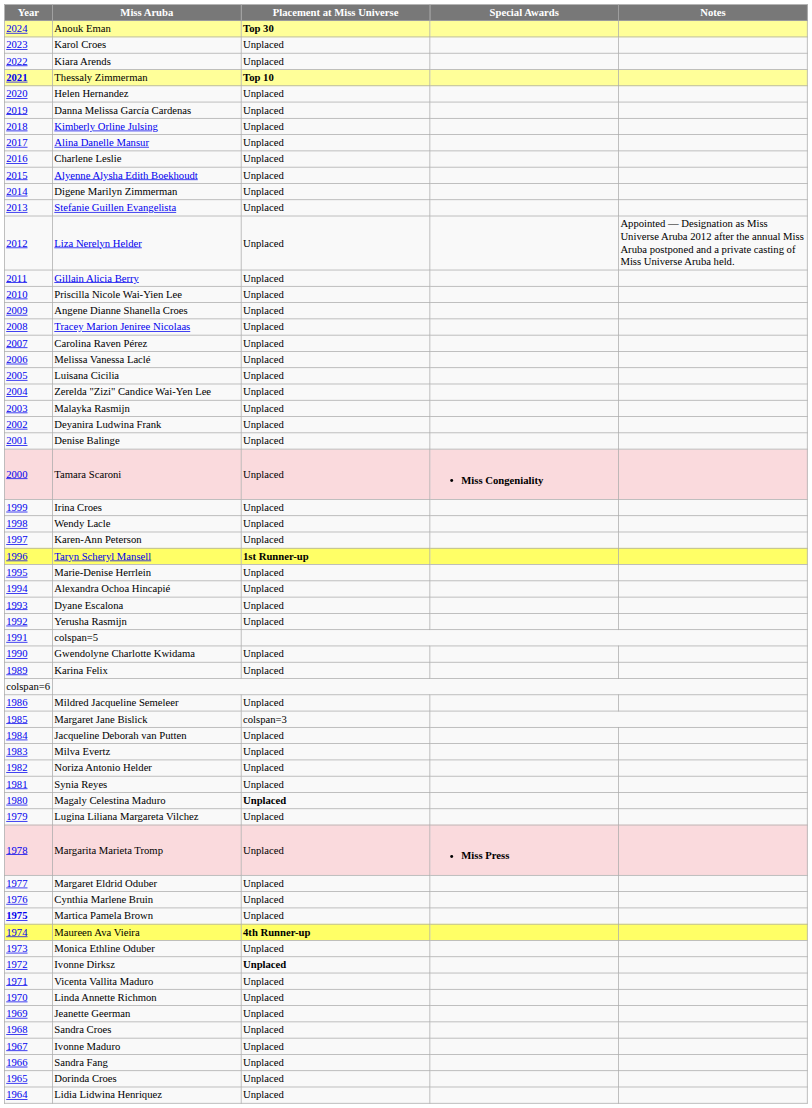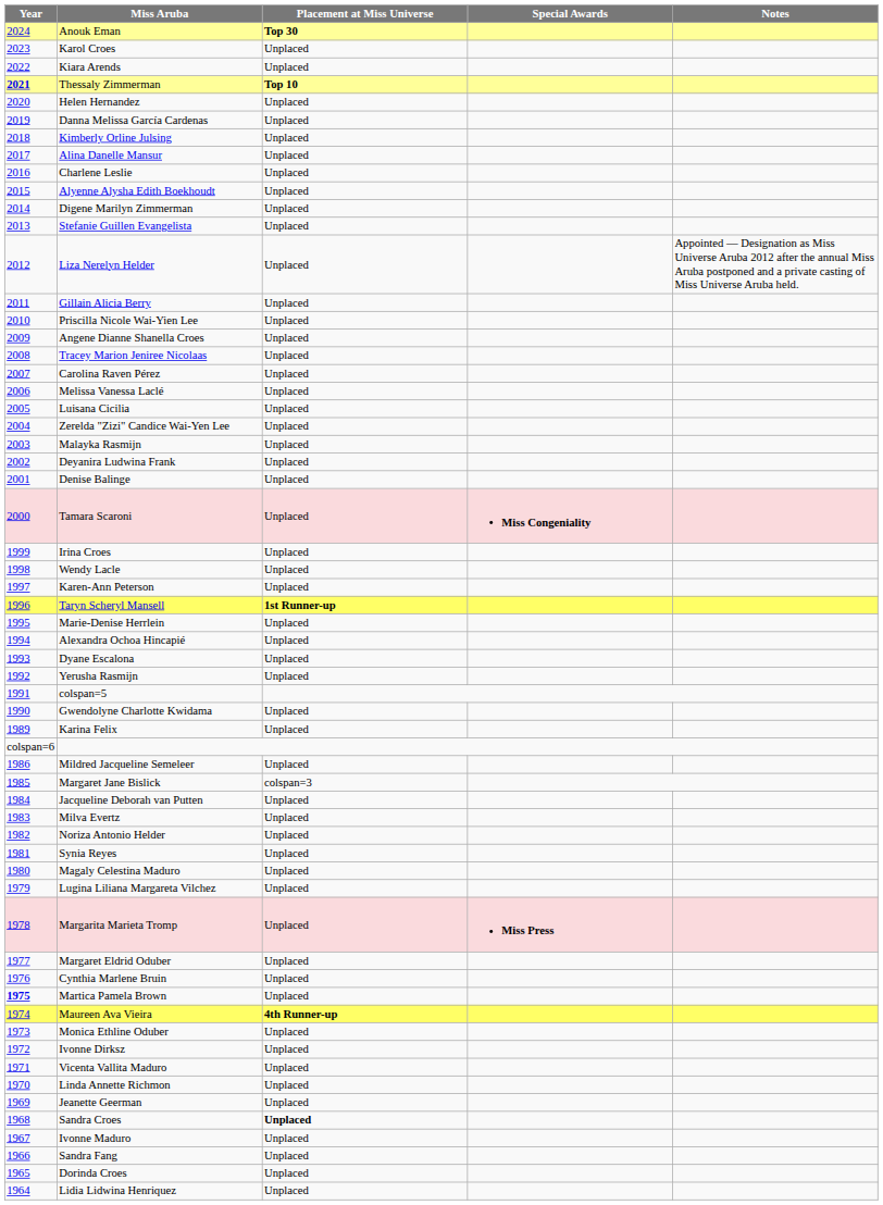 <table class="sortable" border="5" cellpadding="2" cellspacing="0" align=" 0 1em 0 0" style="background: #f9f9f9; border: 1px #aaa solid; border-collapse: collapse; font-size: 90%">
 <tr>
 <th width="60" style="background-color:#787878;color:#FFFFFF;">Year</th>
 <th width="250" style="background-color:#787878;color:#FFFFFF;">Miss Aruba</th>
 <th width="250" style="background-color:#787878;color:#FFFFFF;">Placement at Miss Universe</th>
 <th width="250" style="background-color:#787878;color:#FFFFFF;">Special Awards</th>
 <th width="250" style="background-color:#787878;color:#FFFFFF;">Notes</th>
 </tr>
 <tr style="background-color:#FFFF99; ">
 <td><a href='#'>2024</a></td>
 <td>Anouk Eman</td>
 <td><strong>Top 30</strong></td>
 <td></td>
 <td></td>
 </tr>
 <tr>
 <td><a href='#'>2023</a></td>
 <td>Karol Croes</td>
 <td>Unplaced</td>
 <td></td>
 <td></td>
 </tr>
 <tr>
 <td><a href='#'>2022</a></td>
 <td>Kiara Arends</td>
 <td>Unplaced</td>
 <td></td>
 <td></td>
 </tr>
 <tr style="background-color:#FFFF99; ">
 <td><strong><a href='#'>2021</a></strong></td>
 <td>Thessaly Zimmerman</td>
 <td><strong>Top 10</strong></td>
 <td></td>
 <td></td>
 </tr>
 <tr>
 <td><a href='#'>2020</a></td>
 <td>Helen Hernandez</td>
 <td>Unplaced</td>
 <td></td>
 <td></td>
 </tr>
 <tr>
 <td><a href='#'>2019</a></td>
 <td>Danna Melissa García Cardenas</td>
 <td>Unplaced</td>
 <td></td>
 <td></td>
 </tr>
 <tr>
 <td><a href='#'>2018</a></td>
 <td><a href='#'>Kimberly Orline Julsing</a></td>
 <td>Unplaced</td>
 <td></td>
 <td></td>
 </tr>
 <tr>
 <td><a href='#'>2017</a></td>
 <td><a href='#'>Alina Danelle Mansur</a></td>
 <td>Unplaced</td>
 <td></td>
 <td></td>
 </tr>
 <tr>
 <td><a href='#'>2016</a></td>
 <td>Charlene Leslie</td>
 <td>Unplaced</td>
 <td></td>
 <td></td>
 </tr>
 <tr>
 <td><a href='#'>2015</a></td>
 <td><a href='#'>Alyenne Alysha Edith Boekhoudt</a></td>
 <td>Unplaced</td>
 <td></td>
 <td></td>
 </tr>
 <tr>
 <td><a href='#'>2014</a></td>
 <td>Digene Marilyn Zimmerman</td>
 <td>Unplaced</td>
 <td></td>
 <td></td>
 </tr>
 <tr>
 <td><a href='#'>2013</a></td>
 <td><a href='#'>Stefanie Guillen Evangelista</a></td>
 <td>Unplaced</td>
 <td></td>
 <td></td>
 </tr>
 <tr>
 <td><a href='#'>2012</a></td>
 <td><a href='#'>Liza Nerelyn Helder</a></td>
 <td>Unplaced</td>
 <td></td>
 <td>Appointed — Designation as Miss Universe Aruba 2012 after the annual Miss Aruba postponed and a private casting of Miss Universe Aruba held.</td>
 </tr>
 <tr>
 <td><a href='#'>2011</a></td>
 <td><a href='#'>Gillain Alicia Berry</a></td>
 <td>Unplaced</td>
 <td></td>
 <td></td>
 </tr>
 <tr>
 <td><a href='#'>2010</a></td>
 <td>Priscilla Nicole Wai-Yien Lee</td>
 <td>Unplaced</td>
 <td></td>
 <td></td>
 </tr>
 <tr>
 <td><a href='#'>2009</a></td>
 <td>Angene Dianne Shanella Croes</td>
 <td>Unplaced</td>
 <td></td>
 <td></td>
 </tr>
 <tr>
 <td><a href='#'>2008</a></td>
 <td><a href='#'>Tracey Marion Jeniree Nicolaas</a></td>
 <td>Unplaced</td>
 <td></td>
 <td></td>
 </tr>
 <tr>
 <td><a href='#'>2007</a></td>
 <td>Carolina Raven Pérez</td>
 <td>Unplaced</td>
 <td></td>
 <td></td>
 </tr>
 <tr>
 <td><a href='#'>2006</a></td>
 <td>Melissa Vanessa Laclé</td>
 <td>Unplaced</td>
 <td></td>
 <td></td>
 </tr>
 <tr>
 <td><a href='#'>2005</a></td>
 <td>Luisana Cicilia</td>
 <td>Unplaced</td>
 <td></td>
 <td></td>
 </tr>
 <tr>
 <td><a href='#'>2004</a></td>
 <td>Zerelda "Zizi" Candice Wai-Yen Lee</td>
 <td>Unplaced</td>
 <td></td>
 <td></td>
 </tr>
 <tr>
 <td><a href='#'>2003</a></td>
 <td>Malayka Rasmijn</td>
 <td>Unplaced</td>
 <td></td>
 <td></td>
 </tr>
 <tr>
 <td><a href='#'>2002</a></td>
 <td>Deyanira Ludwina Frank</td>
 <td>Unplaced</td>
 <td></td>
 <td></td>
 </tr>
 <tr>
 <td><a href='#'>2001</a></td>
 <td>Denise Balinge</td>
 <td>Unplaced</td>
 <td></td>
 <td></td>
 </tr>
 <tr style="background-color:#FADADD; ">
 <td><a href='#'>2000</a></td>
 <td>Tamara Scaroni</td>
 <td>Unplaced</td>
 <td align="left"><br><ul><li><strong>Miss Congeniality</strong></li></ul></td>
 <td></td>
 </tr>
 <tr>
 <td><a href='#'>1999</a></td>
 <td>Irina Croes</td>
 <td>Unplaced</td>
 <td></td>
 <td></td>
 </tr>
 <tr>
 <td><a href='#'>1998</a></td>
 <td>Wendy Lacle</td>
 <td>Unplaced</td>
 <td></td>
 <td></td>
 </tr>
 <tr>
 <td><a href='#'>1997</a></td>
 <td>Karen-Ann Peterson</td>
 <td>Unplaced</td>
 <td></td>
 <td></td>
 </tr>
 <tr style="background-color:#FFFF66; ">
 <td><a href='#'>1996</a></td>
 <td><a href='#'>Taryn Scheryl Mansell</a></td>
 <td><strong>1st Runner-up</strong></td>
 <td></td>
 <td></td>
 </tr>
 <tr>
 <td><a href='#'>1995</a></td>
 <td>Marie-Denise Herrlein</td>
 <td>Unplaced</td>
 <td></td>
 <td></td>
 </tr>
 <tr>
 <td><a href='#'>1994</a></td>
 <td>Alexandra Ochoa Hincapié</td>
 <td>Unplaced</td>
 <td></td>
 <td></td>
 </tr>
 <tr>
 <td><a href='#'>1993</a></td>
 <td>Dyane Escalona</td>
 <td>Unplaced</td>
 <td></td>
 <td></td>
 </tr>
 <tr>
 <td><a href='#'>1992</a></td>
 <td>Yerusha Rasmijn</td>
 <td>Unplaced</td>
 <td></td>
 <td></td>
 </tr>
 <tr>
 <td><a href='#'>1991</a></td>
 <td>colspan=5 </td>
 </tr>
 <tr>
 <td><a href='#'>1990</a></td>
 <td>Gwendolyne Charlotte Kwidama</td>
 <td>Unplaced</td>
 <td></td>
 <td></td>
 </tr>
 <tr>
 <td><a href='#'>1989</a></td>
 <td>Karina Felix</td>
 <td>Unplaced</td>
 <td></td>
 <td></td>
 </tr>
 <tr>
 <td>colspan=6 </td>
 </tr>
 <tr>
 <td><a href='#'>1986</a></td>
 <td>Mildred Jacqueline Semeleer</td>
 <td>Unplaced</td>
 <td></td>
 <td></td>
 </tr>
 <tr>
 <td><a href='#'>1985</a></td>
 <td>Margaret Jane Bislick</td>
 <td>colspan=3 </td>
 </tr>
 <tr>
 <td><a href='#'>1984</a></td>
 <td>Jacqueline Deborah van Putten</td>
 <td>Unplaced</td>
 <td></td>
 <td></td>
 </tr>
 <tr>
 <td><a href='#'>1983</a></td>
 <td>Milva Evertz</td>
 <td>Unplaced</td>
 <td></td>
 <td></td>
 </tr>
 <tr>
 <td><a href='#'>1982</a></td>
 <td>Noriza Antonio Helder</td>
 <td>Unplaced</td>
 <td></td>
 <td></td>
 </tr>
 <tr>
 <td><a href='#'>1981</a></td>
 <td>Synia Reyes</td>
 <td>Unplaced</td>
 <td></td>
 <td></td>
 </tr>
 <tr>
 <td><a href='#'>1980</a></td>
 <td>Magaly Celestina Maduro</td>
-<td><strong>Unplaced</strong></td>
+<td>Unplaced</td>
 <td></td>
 <td></td>
 </tr>
 <tr>
 <td><a href='#'>1979</a></td>
 <td>Lugina Liliana Margareta Vilchez</td>
 <td>Unplaced</td>
 <td></td>
 <td></td>
 </tr>
 <tr style="background-color:#FADADD; ">
 <td><a href='#'>1978</a></td>
 <td>Margarita Marieta Tromp</td>
 <td>Unplaced</td>
 <td align="left"><br><ul><li><strong>Miss Press</strong></li></ul></td>
 <td></td>
 </tr>
 <tr>
 <td><a href='#'>1977</a></td>
 <td>Margaret Eldrid Oduber</td>
 <td>Unplaced</td>
 <td></td>
 <td></td>
 </tr>
 <tr>
 <td><a href='#'>1976</a></td>
 <td>Cynthia Marlene Bruin</td>
 <td>Unplaced</td>
 <td></td>
 <td></td>
 </tr>
 <tr>
 <td><strong><a href='#'>1975</a></strong></td>
 <td>Martica Pamela Brown</td>
 <td>Unplaced</td>
 <td></td>
 <td></td>
 </tr>
 <tr style="background-color:#FFFF66; ">
 <td><a href='#'>1974</a></td>
 <td>Maureen Ava Vieira</td>
 <td><strong>4th Runner-up</strong></td>
 <td></td>
 <td></td>
 </tr>
 <tr>
 <td><a href='#'>1973</a></td>
 <td>Monica Ethline Oduber</td>
 <td>Unplaced</td>
 <td></td>
 <td></td>
 </tr>
 <tr>
 <td><a href='#'>1972</a></td>
 <td>Ivonne Dirksz</td>
-<td><strong>Unplaced</strong></td>
+<td>Unplaced</td>
 <td></td>
 <td></td>
 </tr>
 <tr>
 <td><a href='#'>1971</a></td>
 <td>Vicenta Vallita Maduro</td>
 <td>Unplaced</td>
 <td></td>
 <td></td>
 </tr>
 <tr>
 <td><a href='#'>1970</a></td>
 <td>Linda Annette Richmon</td>
 <td>Unplaced</td>
 <td></td>
 <td></td>
 </tr>
 <tr>
 <td><a href='#'>1969</a></td>
 <td>Jeanette Geerman</td>
 <td>Unplaced</td>
 <td></td>
 <td></td>
 </tr>
 <tr>
 <td><a href='#'>1968</a></td>
 <td>Sandra Croes</td>
-<td>Unplaced</td>
+<td><strong>Unplaced</strong></td>
 <td></td>
 <td></td>
 </tr>
 <tr>
 <td><a href='#'>1967</a></td>
 <td>Ivonne Maduro</td>
 <td>Unplaced</td>
 <td></td>
 <td></td>
 </tr>
 <tr>
 <td><a href='#'>1966</a></td>
 <td>Sandra Fang</td>
 <td>Unplaced</td>
 <td></td>
 <td></td>
 </tr>
 <tr>
 <td><a href='#'>1965</a></td>
 <td>Dorinda Croes</td>
 <td>Unplaced</td>
 <td></td>
 <td></td>
 </tr>
 <tr>
 <td><a href='#'>1964</a></td>
 <td>Lidia Lidwina Henriquez</td>
 <td>Unplaced</td>
 <td></td>
 <td></td>
 </tr>
 </table>
